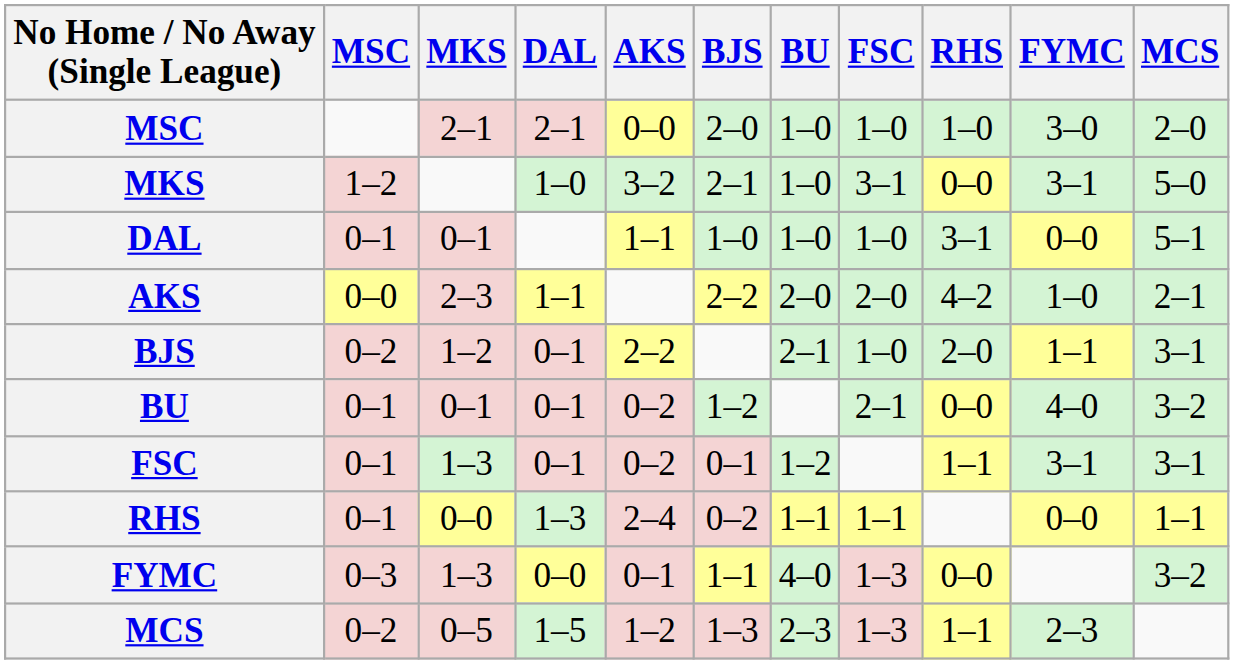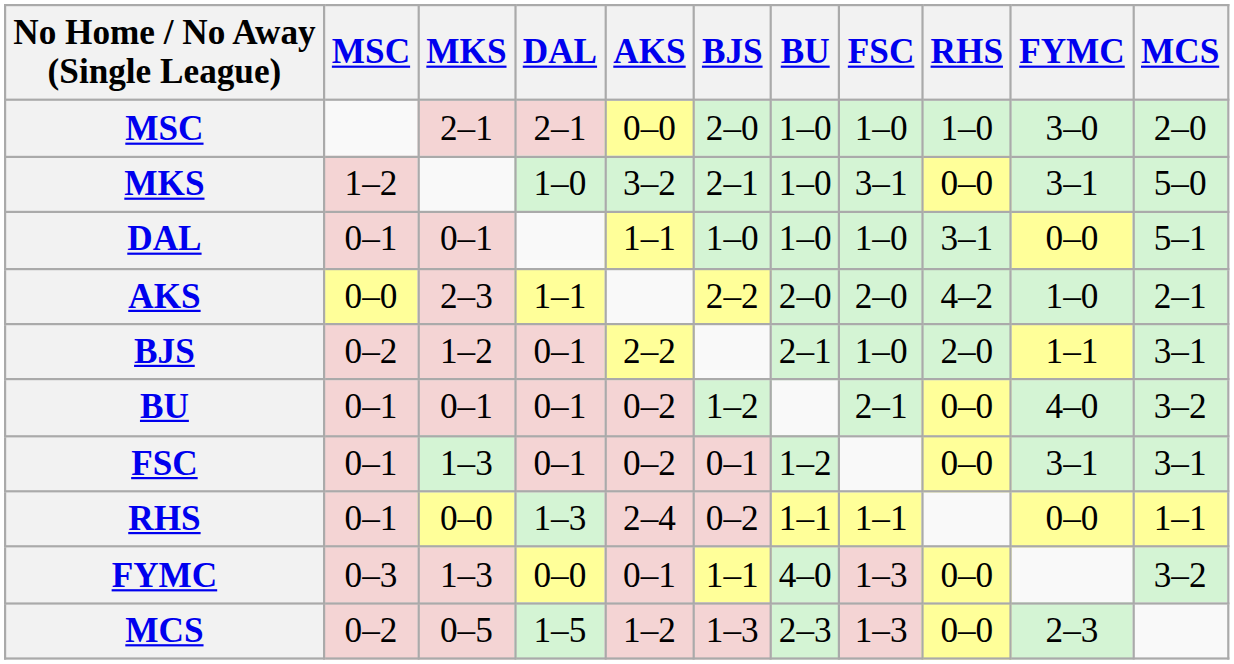 <table class=wikitable style="text-align:center">
 <tr>
 <th><strong>No Home / No Away <br> (Single League)</strong></th>
 <th><a href='#'>MSC</a></th>
 <th><a href='#'>MKS</a></th>
 <th><a href='#'>DAL</a></th>
 <th><a href='#'>AKS</a></th>
 <th><a href='#'>BJS</a></th>
 <th><a href='#'>BU</a></th>
 <th><a href='#'>FSC</a></th>
 <th><a href='#'>RHS</a></th>
 <th><a href='#'>FYMC</a></th>
 <th><a href='#'>MCS</a></th>
 </tr>
 <tr>
 <th><a href='#'>MSC</a></th>
 <td></td>
 <td style="background-color:#f4d4d4">2–1</td>
 <td style="background-color:#f4d4d4">2–1</td>
 <td style="background-color:#ffff99">0–0</td>
 <td style="background-color:#d4f4d4">2–0</td>
 <td style="background-color:#d4f4d4">1–0</td>
 <td style="background-color:#d4f4d4">1–0</td>
 <td style="background-color:#d4f4d4">1–0</td>
 <td style="background-color:#d4f4d4">3–0</td>
 <td style="background-color:#d4f4d4">2–0</td>
 </tr>
 <tr>
 <th><a href='#'>MKS</a></th>
 <td style="background-color:#f4d4d4">1–2</td>
 <td></td>
 <td style="background-color:#d4f4d4">1–0</td>
 <td style="background-color:#d4f4d4">3–2</td>
 <td style="background-color:#d4f4d4">2–1</td>
 <td style="background-color:#d4f4d4">1–0</td>
 <td style="background-color:#d4f4d4">3–1</td>
 <td style="background-color:#ffff99">0–0</td>
 <td style="background-color:#d4f4d4">3–1</td>
 <td style="background-color:#d4f4d4">5–0</td>
 </tr>
 <tr>
 <th><a href='#'>DAL</a></th>
 <td style="background-color:#f4d4d4">0–1</td>
 <td style="background-color:#f4d4d4">0–1</td>
 <td></td>
 <td style="background-color:#ffff99">1–1</td>
 <td style="background-color:#d4f4d4">1–0</td>
 <td style="background-color:#d4f4d4">1–0</td>
 <td style="background-color:#d4f4d4">1–0</td>
 <td style="background-color:#d4f4d4">3–1</td>
 <td style="background-color:#ffff99">0–0</td>
 <td style="background-color:#d4f4d4">5–1</td>
 </tr>
 <tr>
 <th><a href='#'>AKS</a></th>
 <td style="background-color:#ffff99">0–0</td>
 <td style="background-color:#f4d4d4">2–3</td>
 <td style="background-color:#ffff99">1–1</td>
 <td></td>
 <td style="background-color:#ffff99">2–2</td>
 <td style="background-color:#d4f4d4">2–0</td>
 <td style="background-color:#d4f4d4">2–0</td>
 <td style="background-color:#d4f4d4">4–2</td>
 <td style="background-color:#d4f4d4">1–0</td>
 <td style="background-color:#d4f4d4">2–1</td>
 </tr>
 <tr>
 <th><a href='#'>BJS</a></th>
 <td style="background-color:#f4d4d4">0–2</td>
 <td style="background-color:#f4d4d4">1–2</td>
 <td style="background-color:#f4d4d4">0–1</td>
 <td style="background-color:#ffff99">2–2</td>
 <td></td>
 <td style="background-color:#d4f4d4">2–1</td>
 <td style="background-color:#d4f4d4">1–0</td>
 <td style="background-color:#d4f4d4">2–0</td>
 <td style="background-color:#ffff99">1–1</td>
 <td style="background-color:#d4f4d4">3–1</td>
 </tr>
 <tr>
 <th><a href='#'>BU</a></th>
 <td style="background-color:#f4d4d4">0–1</td>
 <td style="background-color:#f4d4d4">0–1</td>
 <td style="background-color:#f4d4d4">0–1</td>
 <td style="background-color:#f4d4d4">0–2</td>
 <td style="background-color:#d4f4d4">1–2</td>
 <td></td>
 <td style="background-color:#d4f4d4">2–1</td>
 <td style="background-color:#ffff99">0–0</td>
 <td style="background-color:#d4f4d4">4–0</td>
 <td style="background-color:#d4f4d4">3–2</td>
 </tr>
 <tr>
 <th><a href='#'>FSC</a></th>
 <td style="background-color:#f4d4d4">0–1</td>
 <td style="background-color:#d4f4d4">1–3</td>
 <td style="background-color:#f4d4d4">0–1</td>
 <td style="background-color:#f4d4d4">0–2</td>
 <td style="background-color:#f4d4d4">0–1</td>
 <td style="background-color:#d4f4d4">1–2</td>
 <td></td>
-<td style="background-color:#ffff99">1–1</td>
+<td style="background-color:#ffff99">0–0</td>
 <td style="background-color:#d4f4d4">3–1</td>
 <td style="background-color:#d4f4d4">3–1</td>
 </tr>
 <tr>
 <th><a href='#'>RHS</a></th>
 <td style="background-color:#f4d4d4">0–1</td>
 <td style="background-color:#ffff99">0–0</td>
 <td style="background-color:#d4f4d4">1–3</td>
 <td style="background-color:#f4d4d4">2–4</td>
 <td style="background-color:#f4d4d4">0–2</td>
 <td style="background-color:#ffff99">1–1</td>
 <td style="background-color:#ffff99">1–1</td>
 <td></td>
 <td style="background-color:#ffff99">0–0</td>
 <td style="background-color:#ffff99">1–1</td>
 </tr>
 <tr>
 <th><a href='#'>FYMC</a></th>
 <td style="background-color:#f4d4d4">0–3</td>
 <td style="background-color:#f4d4d4">1–3</td>
 <td style="background-color:#ffff99">0–0</td>
 <td style="background-color:#f4d4d4">0–1</td>
 <td style="background-color:#ffff99">1–1</td>
 <td style="background-color:#d4f4d4">4–0</td>
 <td style="background-color:#f4d4d4">1–3</td>
 <td style="background-color:#ffff99">0–0</td>
 <td></td>
 <td style="background-color:#d4f4d4">3–2</td>
 </tr>
 <tr>
 <th><a href='#'>MCS</a></th>
 <td style="background-color:#f4d4d4">0–2</td>
 <td style="background-color:#f4d4d4">0–5</td>
 <td style="background-color:#d4f4d4">1–5</td>
 <td style="background-color:#f4d4d4">1–2</td>
 <td style="background-color:#f4d4d4">1–3</td>
 <td style="background-color:#d4f4d4">2–3</td>
 <td style="background-color:#f4d4d4">1–3</td>
-<td style="background-color:#ffff99">1–1</td>
+<td style="background-color:#ffff99">0–0</td>
 <td style="background-color:#d4f4d4">2–3</td>
 <td></td>
 </tr>
 </table>
